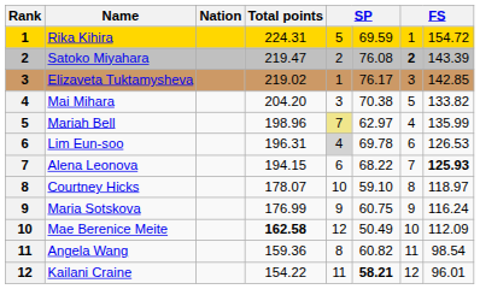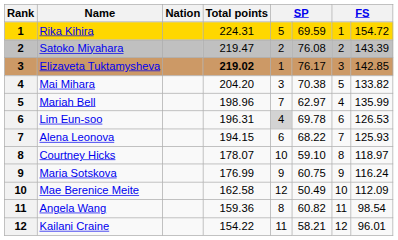 <table class="wikitable sortable">
 <tr>
 <th>Rank</th>
 <th>Name</th>
 <th>Nation</th>
 <th>Total points</th>
 <th colspan="2" width="80px"><a href='#'>SP</a></th>
 <th colspan="2" width="80px"><a href='#'>FS</a></th>
 </tr>
 <tr bgcolor="gold">
 <td align="center"><strong>1</strong></td>
 <td><a href='#'>Rika Kihira</a></td>
 <td></td>
 <td align="center">224.31</td>
 <td align="center">5</td>
 <td align="center">69.59</td>
 <td align="center">1</td>
 <td align="center">154.72</td>
 </tr>
 <tr bgcolor="silver">
 <td align="center"><strong>2</strong></td>
 <td><a href='#'>Satoko Miyahara</a></td>
 <td></td>
 <td align="center">219.47</td>
 <td align="center">2</td>
 <td align="center">76.08</td>
-<td align="center"><strong>2</strong></td>
+<td align="center">2</td>
 <td align="center">143.39</td>
 </tr>
 <tr bgcolor="cc9966">
 <td align="center"><strong>3</strong></td>
 <td><a href='#'>Elizaveta Tuktamysheva</a></td>
 <td></td>
-<td align="center">219.02</td>
+<td align="center"><strong>219.02</strong></td>
 <td align="center">1</td>
 <td align="center">76.17</td>
 <td align="center">3</td>
 <td align="center">142.85</td>
 </tr>
 <tr>
 <th>4</th>
 <td><a href='#'>Mai Mihara</a></td>
 <td></td>
 <td align="center">204.20</td>
 <td align="center">3</td>
 <td align="center">70.38</td>
 <td align="center">5</td>
 <td align="center">133.82</td>
 </tr>
 <tr>
 <th>5</th>
 <td><a href='#'>Mariah Bell</a></td>
 <td></td>
 <td align="center">198.96</td>
-<td align="center" style="background: khaki;">7</td>
+<td align="center">7</td>
 <td align="center">62.97</td>
 <td align="center">4</td>
 <td align="center">135.99</td>
 </tr>
 <tr>
 <th>6</th>
 <td><a href='#'>Lim Eun-soo</a></td>
 <td></td>
 <td align="center">196.31</td>
 <td align="center" style="background: lightgrey;">4</td>
 <td align="center">69.78</td>
 <td align="center">6</td>
 <td align="center">126.53</td>
 </tr>
 <tr>
 <th>7</th>
 <td><a href='#'>Alena Leonova</a></td>
 <td></td>
 <td align="center">194.15</td>
 <td align="center">6</td>
 <td align="center">68.22</td>
 <td align="center">7</td>
-<td align="center"><strong>125.93</strong></td>
+<td align="center">125.93</td>
 </tr>
 <tr>
 <th>8</th>
 <td><a href='#'>Courtney Hicks</a></td>
 <td></td>
 <td align="center">178.07</td>
 <td align="center">10</td>
 <td align="center">59.10</td>
 <td align="center">8</td>
 <td align="center">118.97</td>
 </tr>
 <tr>
 <th>9</th>
 <td><a href='#'>Maria Sotskova</a></td>
 <td></td>
 <td align="center">176.99</td>
 <td align="center">9</td>
 <td align="center">60.75</td>
 <td align="center">9</td>
 <td align="center">116.24</td>
 </tr>
 <tr>
 <th>10</th>
 <td><a href='#'>Mae Berenice Meite</a></td>
 <td></td>
-<td align="center"><strong>162.58</strong></td>
+<td align="center">162.58</td>
 <td align="center">12</td>
 <td align="center">50.49</td>
 <td align="center">10</td>
 <td align="center">112.09</td>
 </tr>
 <tr>
 <th>11</th>
 <td><a href='#'>Angela Wang</a></td>
 <td></td>
 <td align="center">159.36</td>
 <td align="center">8</td>
 <td align="center">60.82</td>
 <td align="center">11</td>
 <td align="center">98.54</td>
 </tr>
 <tr>
 <th>12</th>
 <td><a href='#'>Kailani Craine</a></td>
 <td></td>
 <td align="center">154.22</td>
 <td align="center">11</td>
-<td align="center"><strong>58.21</strong></td>
+<td align="center">58.21</td>
 <td align="center">12</td>
 <td align="center">96.01</td>
 </tr>
 </table>
